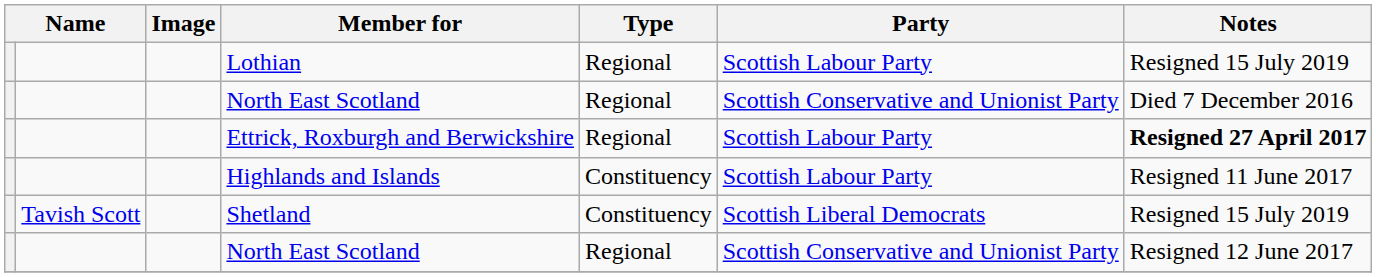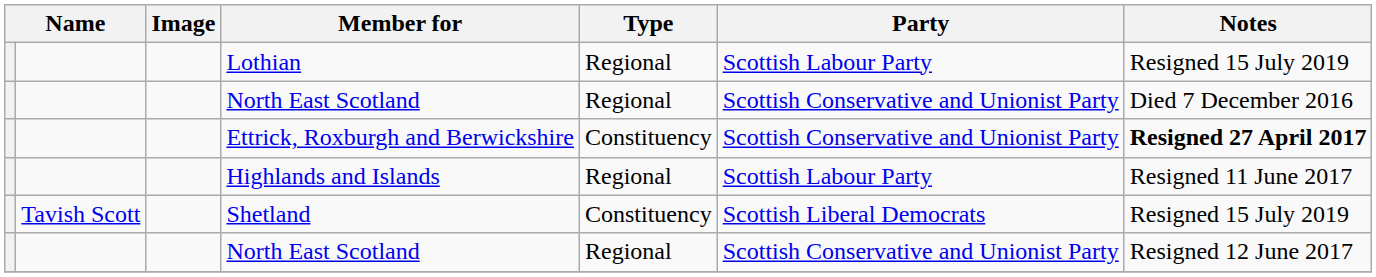 <table class="sortable wikitable">
 <tr valign=bottom>
 <th colspan="2">Name</th>
 <th>Image</th>
 <th>Member for</th>
 <th>Type</th>
 <th>Party</th>
 <th>Notes</th>
 </tr>
 <tr>
 <th style="background-color: "></th>
 <td></td>
 <td></td>
 <td><a href='#'>Lothian</a></td>
 <td>Regional</td>
 <td><a href='#'>Scottish Labour Party</a></td>
 <td>Resigned 15 July 2019</td>
 </tr>
 <tr>
 <th style="background-color:"></th>
 <td></td>
 <td></td>
 <td><a href='#'>North East Scotland</a></td>
 <td>Regional</td>
 <td><a href='#'>Scottish Conservative and Unionist Party</a></td>
 <td>Died 7 December 2016</td>
 </tr>
 <tr>
 <th style="background-color: "></th>
 <td></td>
 <td></td>
 <td><a href='#'>Ettrick, Roxburgh and Berwickshire</a></td>
-<td>Regional</td>
-<td><a href='#'>Scottish Labour Party</a></td>
+<td>Constituency</td>
+<td><a href='#'>Scottish Conservative and Unionist Party</a></td>
 <td><strong>Resigned 27 April 2017</strong></td>
 </tr>
 <tr>
 <th style="background-color: "></th>
 <td></td>
 <td></td>
 <td><a href='#'>Highlands and Islands</a></td>
-<td>Constituency</td>
+<td>Regional</td>
 <td><a href='#'>Scottish Labour Party</a></td>
 <td>Resigned 11 June 2017</td>
 </tr>
 <tr>
 <th style="background-color: "></th>
 <td><a href='#'>Tavish Scott</a></td>
 <td></td>
 <td><a href='#'>Shetland</a></td>
 <td>Constituency</td>
 <td><a href='#'>Scottish Liberal Democrats</a></td>
 <td>Resigned 15 July 2019</td>
 </tr>
 <tr>
 <th style="background-color: "></th>
 <td></td>
 <td></td>
 <td><a href='#'>North East Scotland</a></td>
 <td>Regional</td>
 <td><a href='#'>Scottish Conservative and Unionist Party</a></td>
 <td>Resigned 12 June 2017</td>
 </tr>
 <tr>
 </tr>
 </table>
